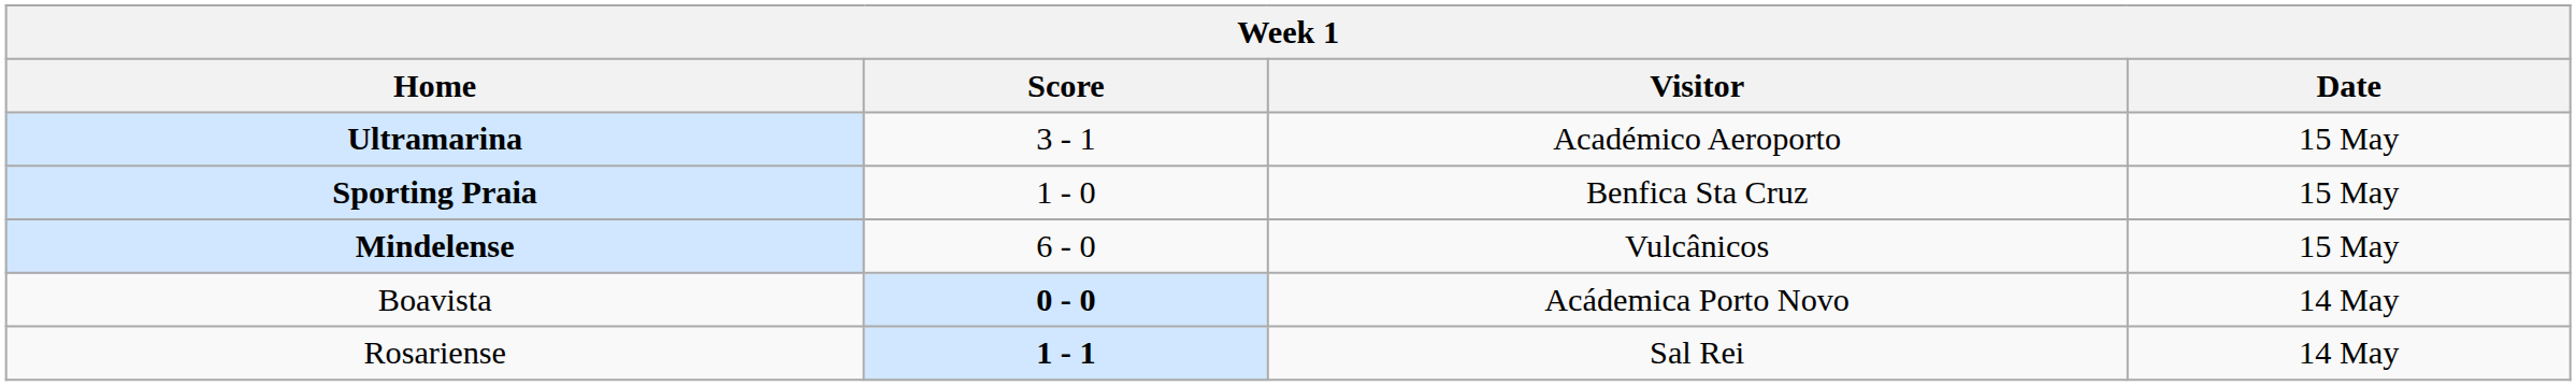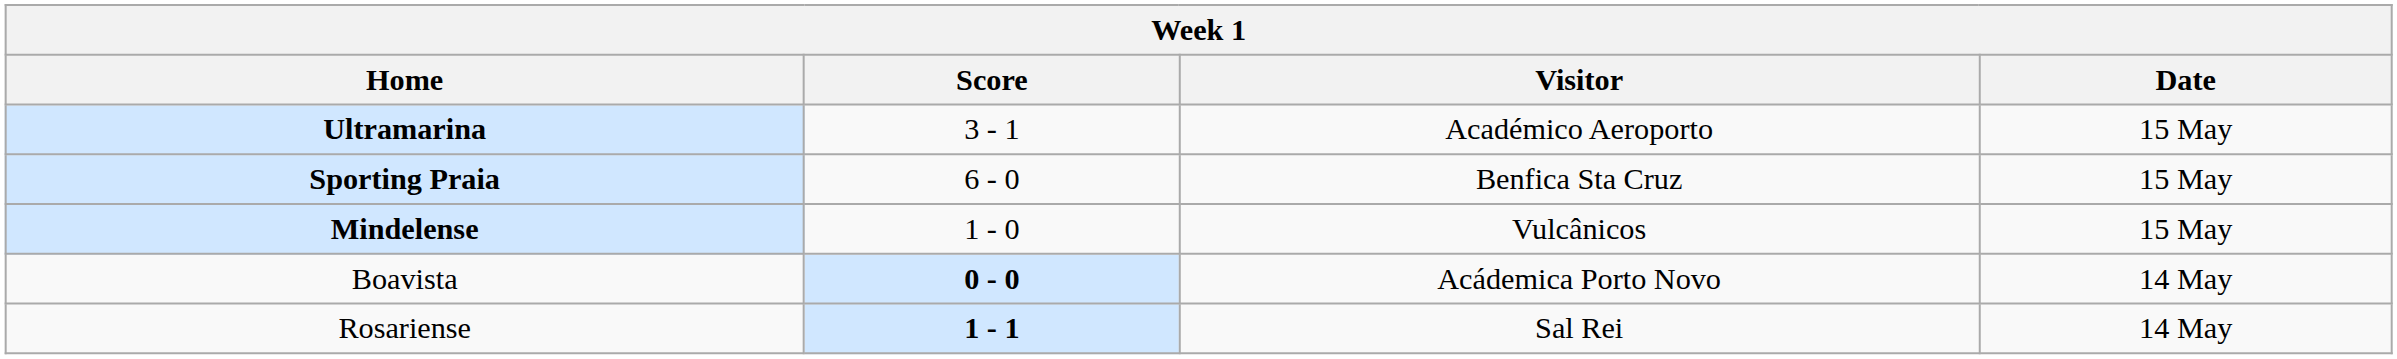 <table class="wikitable" style="margin:1em auto; font-size:95%; text-align: center; width: 95%;">
 <tr>
 <th colspan="12" style="with: 100%;" align=center>Week 1</th>
 </tr>
 <tr>
 <th width="200">Home</th>
 <th width="90">Score</th>
 <th width="200">Visitor</th>
 <th width="100">Date</th>
 </tr>
 <tr align=center>
 <td bgcolor=#D0E7FF><strong>Ultramarina</strong></td>
 <td>3 - 1</td>
 <td>Académico Aeroporto</td>
 <td>15 May</td>
 </tr>
 <tr align=center>
 <td bgcolor=#D0E7FF><strong>Sporting Praia</strong></td>
-<td>1 - 0</td>
+<td>6 - 0</td>
 <td>Benfica Sta Cruz</td>
 <td>15 May</td>
 </tr>
 <tr align=center>
 <td bgcolor=#D0E7FF><strong>Mindelense</strong></td>
-<td>6 - 0</td>
+<td>1 - 0</td>
 <td>Vulcânicos</td>
 <td>15 May</td>
 </tr>
 <tr align=center>
 <td>Boavista</td>
 <td bgcolor=#D0E7FF><strong>0 - 0</strong></td>
 <td>Acádemica Porto Novo</td>
 <td>14 May</td>
 </tr>
 <tr align=center>
 <td>Rosariense</td>
 <td bgcolor=#D0E7FF><strong>1 - 1</strong></td>
 <td>Sal Rei</td>
 <td>14 May</td>
 </tr>
 </table>
